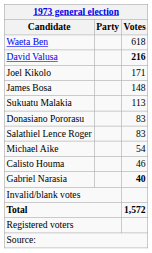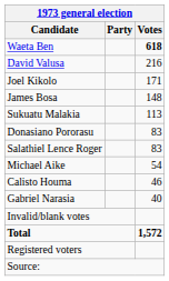 <table class=wikitable style=text-align:left>
 <tr>
 <th colspan=3><a href='#'>1973 general election</a></th>
 </tr>
 <tr>
 <th>Candidate</th>
 <th>Party</th>
 <th>Votes</th>
 </tr>
 <tr>
 <td><a href='#'>Waeta Ben</a></td>
 <td></td>
-<td align=right>618</td>
+<td align=right><strong>618</strong></td>
 </tr>
 <tr>
 <td><a href='#'>David Valusa</a></td>
 <td></td>
-<td align=right><strong>216</strong></td>
+<td align=right>216</td>
 </tr>
 <tr>
 <td>Joel Kikolo</td>
 <td></td>
 <td align=right>171</td>
 </tr>
 <tr>
 <td>James Bosa</td>
 <td></td>
 <td align=right>148</td>
 </tr>
 <tr>
 <td>Sukuatu Malakia</td>
 <td></td>
 <td align=right>113</td>
 </tr>
 <tr>
 <td>Donasiano Pororasu</td>
 <td></td>
 <td align=right>83</td>
 </tr>
 <tr>
 <td>Salathiel Lence Roger</td>
 <td></td>
 <td align=right>83</td>
 </tr>
 <tr>
 <td>Michael Aike</td>
 <td></td>
 <td align=right>54</td>
 </tr>
 <tr>
 <td>Calisto Houma</td>
 <td></td>
 <td align=right>46</td>
 </tr>
 <tr>
 <td>Gabriel Narasia</td>
 <td></td>
-<td align=right><strong>40</strong></td>
+<td align=right>40</td>
 </tr>
 <tr>
 <td colspan=2>Invalid/blank votes</td>
 <td></td>
 </tr>
 <tr>
 <td colspan=2><strong>Total</strong></td>
 <td align=right><strong>1,572</strong></td>
 </tr>
 <tr>
 <td colspan=2>Registered voters</td>
 <td align=right></td>
 </tr>
 <tr>
 <td colspan=3>Source: </td>
 </tr>
 </table>
